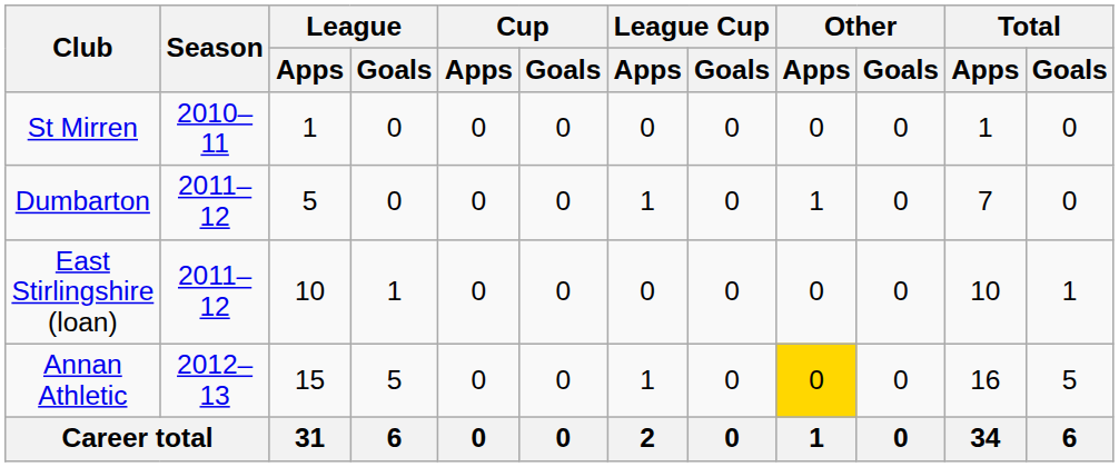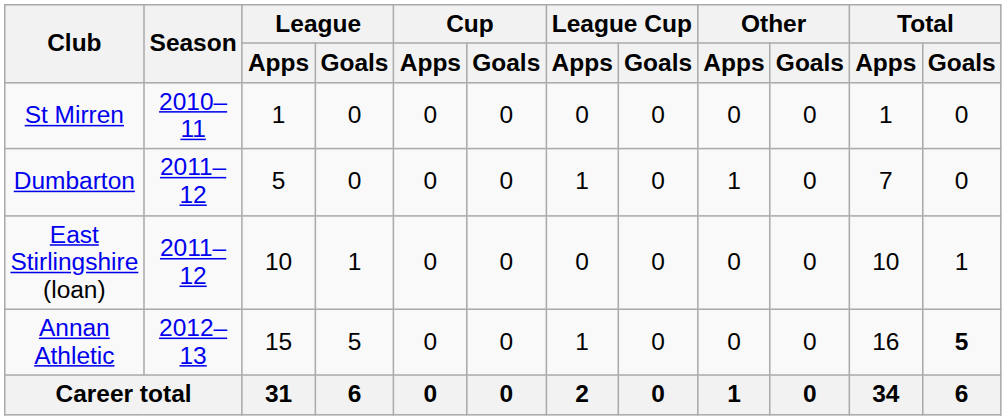 <table class="wikitable" style="text-align: center;">
 <tr>
 <th rowspan="2">Club</th>
 <th rowspan="2">Season</th>
 <th colspan="2">League</th>
 <th colspan="2">Cup</th>
 <th colspan="2">League Cup</th>
 <th colspan="2">Other</th>
 <th colspan="2">Total</th>
 </tr>
 <tr>
 <th>Apps</th>
 <th>Goals</th>
 <th>Apps</th>
 <th>Goals</th>
 <th>Apps</th>
 <th>Goals</th>
 <th>Apps</th>
 <th>Goals</th>
 <th>Apps</th>
 <th>Goals</th>
 </tr>
 <tr>
 <td rowspan="1" valign="center"><a href='#'>St Mirren</a></td>
 <td><a href='#'>2010–11</a></td>
 <td>1</td>
 <td>0</td>
 <td>0</td>
 <td>0</td>
 <td>0</td>
 <td>0</td>
 <td>0</td>
 <td>0</td>
 <td>1</td>
 <td>0</td>
 </tr>
 <tr>
 <td rowspan="1" valign="center"><a href='#'>Dumbarton</a></td>
 <td><a href='#'>2011–12</a></td>
 <td>5</td>
 <td>0</td>
 <td>0</td>
 <td>0</td>
 <td>1</td>
 <td>0</td>
 <td>1</td>
 <td>0</td>
 <td>7</td>
 <td>0</td>
 </tr>
 <tr>
 <td rowspan="1" valign="center"><a href='#'>East Stirlingshire</a> (loan)</td>
 <td><a href='#'>2011–12</a></td>
 <td>10</td>
 <td>1</td>
 <td>0</td>
 <td>0</td>
 <td>0</td>
 <td>0</td>
 <td>0</td>
 <td>0</td>
 <td>10</td>
 <td>1</td>
 </tr>
 <tr>
 <td rowspan="1" valign="center"><a href='#'>Annan Athletic</a></td>
 <td><a href='#'>2012–13</a></td>
 <td>15</td>
 <td>5</td>
 <td>0</td>
 <td>0</td>
 <td>1</td>
 <td>0</td>
-<td style="background: gold;">0</td>
+<td>0</td>
 <td>0</td>
 <td>16</td>
-<td>5</td>
+<td><strong>5</strong></td>
 </tr>
 <tr>
 <th colspan="2">Career total</th>
 <th>31</th>
 <th>6</th>
 <th>0</th>
 <th>0</th>
 <th>2</th>
 <th>0</th>
 <th>1</th>
 <th>0</th>
 <th>34</th>
 <th>6</th>
 </tr>
 </table>
